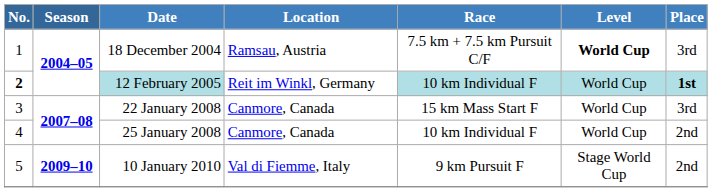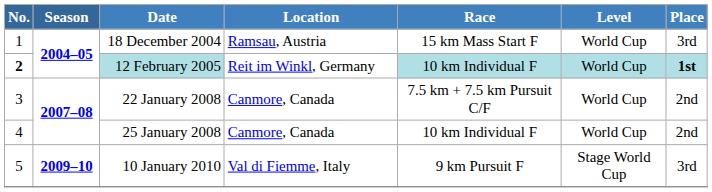 <table class="wikitable sortable" style="font-size:95%; text-align:center; border:grey solid 1px; border-collapse:collapse; background:#ffffff;">
 <tr style="background:#efefef;">
 <th style="background-color:#369; color:white;">No.</th>
 <th style="background-color:#369; color:white;">Season</th>
 <th style="background-color:#4180be; color:white; width:120px;">Date</th>
 <th style="background-color:#4180be; color:white; width:170px;">Location</th>
 <th style="background-color:#4180be; color:white; width:160px;">Race</th>
 <th style="background-color:#4180be; color:white; width:100px;">Level</th>
 <th style="background-color:#4180be; color:white;">Place</th>
 </tr>
 <tr>
 <td align=center>1</td>
 <td rowspan=2 align=center><strong> <a href='#'>2004–05</a> </strong></td>
 <td align=right>18 December 2004</td>
 <td align=left> <a href='#'>Ramsau</a>, Austria</td>
-<td>7.5 km + 7.5 km Pursuit C/F</td>
-<td><strong>World Cup</strong></td>
+<td>15 km Mass Start F</td>
+<td>World Cup</td>
 <td>3rd</td>
 </tr>
 <tr>
 <td align=center><strong>2</strong></td>
 <td bgcolor="#BOEOE6" align=right>12 February 2005</td>
 <td align=left> <a href='#'>Reit im Winkl</a>, Germany</td>
 <td bgcolor="#BOEOE6">10 km Individual F</td>
 <td bgcolor="#BOEOE6">World Cup</td>
 <td bgcolor="#BOEOE6"><strong>1st</strong></td>
 </tr>
 <tr>
 <td align=center>3</td>
 <td rowspan=2 align=center><strong> <a href='#'>2007–08</a> </strong></td>
 <td align=right>22 January 2008</td>
 <td align=left> <a href='#'>Canmore</a>, Canada</td>
-<td>15 km Mass Start F</td>
+<td>7.5 km + 7.5 km Pursuit C/F</td>
 <td>World Cup</td>
-<td>3rd</td>
+<td>2nd</td>
 </tr>
 <tr>
 <td align=center>4</td>
 <td align=right>25 January 2008</td>
 <td align=left> <a href='#'>Canmore</a>, Canada</td>
 <td>10 km Individual F</td>
 <td>World Cup</td>
 <td>2nd</td>
 </tr>
 <tr>
 <td align=center>5</td>
 <td rowspan=1 align=center><strong> <a href='#'>2009–10</a> </strong></td>
 <td align=right>10 January 2010</td>
 <td align=left> <a href='#'>Val di Fiemme</a>, Italy</td>
 <td>9 km Pursuit F</td>
 <td>Stage World Cup</td>
-<td>2nd</td>
+<td>3rd</td>
 </tr>
 <tr>
 </tr>
 </table>
